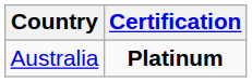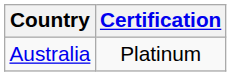 <table class="wikitable">
 <tr>
 <th scope="col">Country</th>
 <th scope="col"><a href='#'>Certification</a></th>
 </tr>
 <tr>
 <td><a href='#'>Australia</a></td>
-<td style="text-align:center;"><strong>Platinum</strong></td>
+<td style="text-align:center;">Platinum</td>
 </tr>
 </table>
